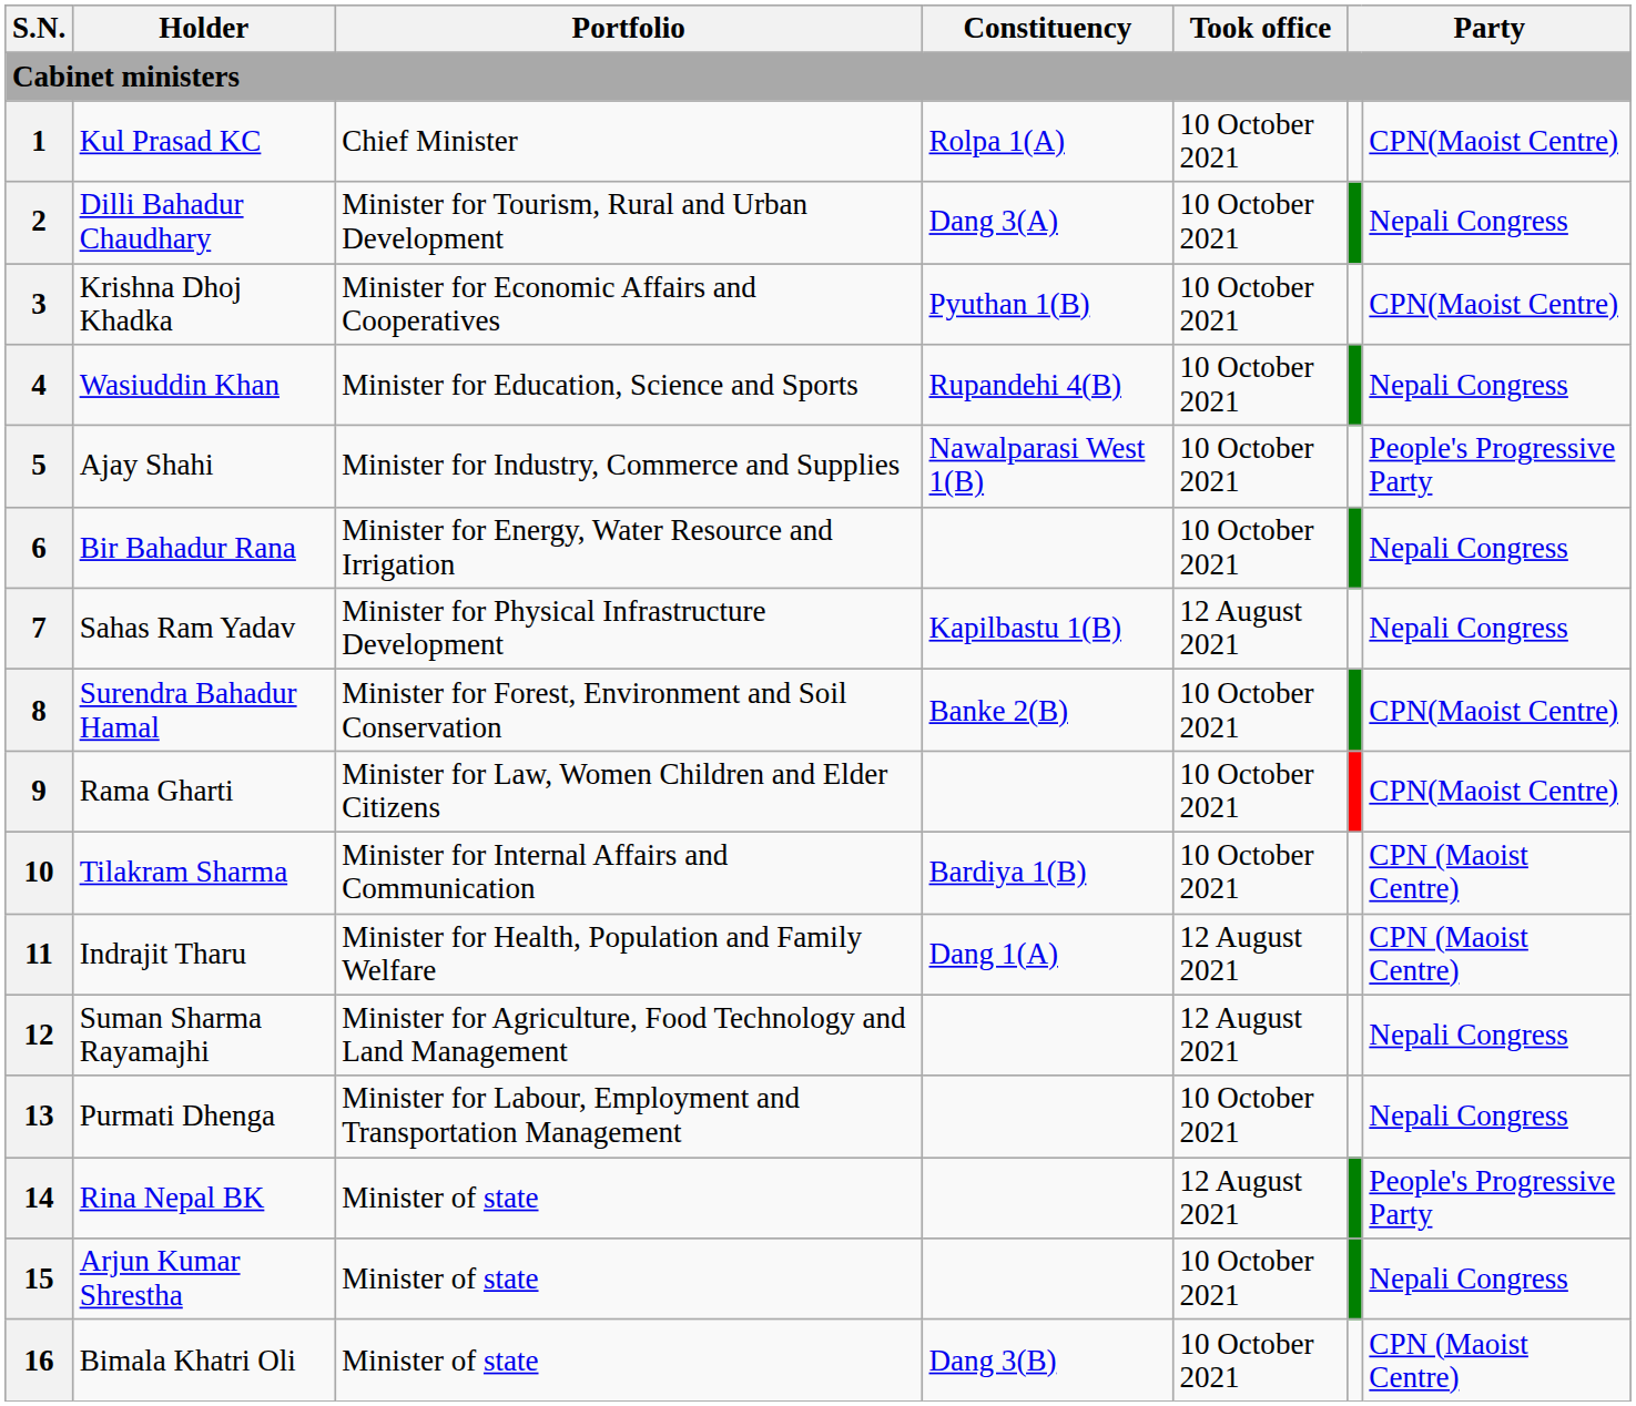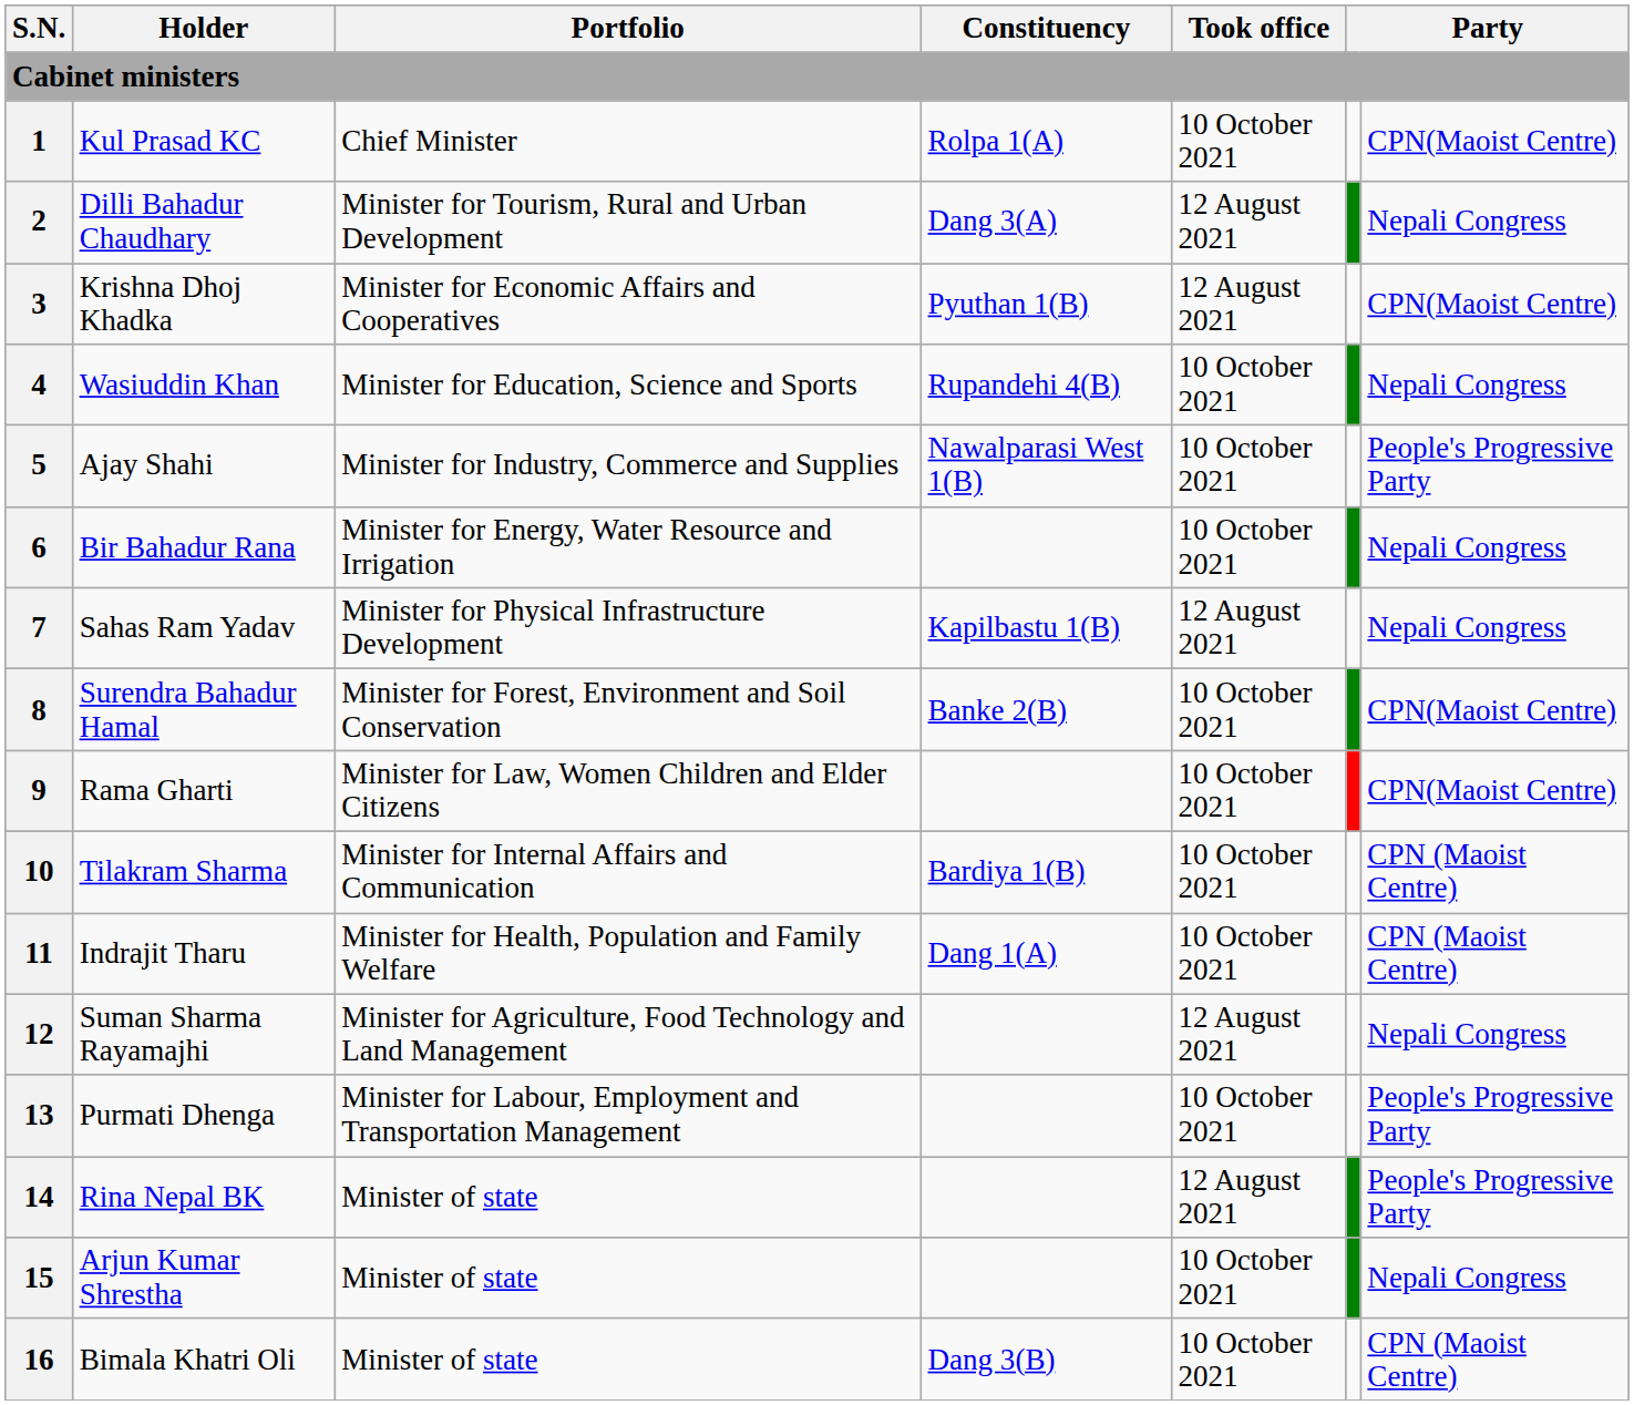 <table class="wikitable">
 <tr>
 <th>S.N.</th>
 <th>Holder</th>
 <th>Portfolio</th>
 <th>Constituency</th>
 <th>Took office</th>
 <th colspan="2">Party</th>
 </tr>
 <tr>
 <td colspan="7" bgcolor="darkgrey"><strong>Cabinet ministers</strong></td>
 </tr>
 <tr>
 <th>1</th>
 <td><a href='#'>Kul Prasad KC</a></td>
 <td>Chief Minister</td>
 <td><a href='#'>Rolpa 1(A)</a></td>
 <td>10 October 2021</td>
 <td></td>
 <td><a href='#'>CPN(Maoist Centre)</a></td>
 </tr>
 <tr>
 <th>2</th>
 <td><a href='#'>Dilli Bahadur Chaudhary</a></td>
 <td>Minister for Tourism, Rural and Urban Development</td>
 <td><a href='#'>Dang 3(A)</a></td>
-<td>10 October 2021</td>
+<td>12 August 2021</td>
 <td bgcolor="#008000"></td>
 <td><a href='#'>Nepali Congress</a></td>
 </tr>
 <tr>
 <th>3</th>
 <td>Krishna Dhoj Khadka</td>
 <td>Minister for Economic Affairs and Cooperatives</td>
 <td><a href='#'>Pyuthan 1(B)</a></td>
-<td>10 October 2021</td>
+<td>12 August 2021</td>
 <td></td>
 <td><a href='#'>CPN(Maoist Centre)</a></td>
 </tr>
 <tr>
 <th>4</th>
 <td><a href='#'>Wasiuddin Khan</a></td>
 <td>Minister for Education, Science and Sports</td>
 <td><a href='#'>Rupandehi 4(B)</a></td>
 <td>10 October 2021</td>
 <td bgcolor="#008000"></td>
 <td><a href='#'>Nepali Congress</a></td>
 </tr>
 <tr>
 <th>5</th>
 <td>Ajay Shahi</td>
 <td>Minister for Industry, Commerce and Supplies</td>
 <td><a href='#'>Nawalparasi West 1(B)</a></td>
 <td>10 October 2021</td>
 <td></td>
 <td><a href='#'>People's Progressive Party</a></td>
 </tr>
 <tr>
 <th>6</th>
 <td><a href='#'>Bir Bahadur Rana</a></td>
 <td>Minister for Energy, Water Resource and Irrigation</td>
 <td></td>
 <td>10 October 2021</td>
 <td bgcolor="#008000"></td>
 <td><a href='#'>Nepali Congress</a></td>
 </tr>
 <tr>
 <th>7</th>
 <td>Sahas Ram Yadav</td>
 <td>Minister for Physical Infrastructure Development</td>
 <td><a href='#'>Kapilbastu 1(B)</a></td>
 <td>12 August 2021</td>
 <td></td>
 <td><a href='#'>Nepali Congress</a></td>
 </tr>
 <tr>
 <th>8</th>
 <td><a href='#'>Surendra Bahadur Hamal</a></td>
 <td>Minister for Forest, Environment and Soil Conservation</td>
 <td><a href='#'>Banke 2(B)</a></td>
 <td>10 October 2021</td>
 <td bgcolor="#008000"></td>
 <td><a href='#'>CPN(Maoist Centre)</a></td>
 </tr>
 <tr>
 <th>9</th>
 <td>Rama Gharti</td>
 <td>Minister for Law, Women Children and Elder Citizens</td>
 <td></td>
 <td>10 October 2021</td>
 <td bgcolor="Red"></td>
 <td><a href='#'>CPN(Maoist Centre)</a></td>
 </tr>
 <tr>
 <th>10</th>
 <td><a href='#'>Tilakram Sharma</a></td>
 <td>Minister for Internal Affairs and Communication</td>
 <td><a href='#'>Bardiya 1(B)</a></td>
 <td>10 October 2021</td>
 <td></td>
 <td><a href='#'>CPN (Maoist Centre)</a></td>
 </tr>
 <tr>
 <th>11</th>
 <td>Indrajit Tharu</td>
 <td>Minister for Health, Population and Family Welfare</td>
 <td><a href='#'>Dang 1(A)</a></td>
-<td>12 August 2021</td>
+<td>10 October 2021</td>
 <td></td>
 <td><a href='#'>CPN (Maoist Centre)</a></td>
 </tr>
 <tr>
 <th>12</th>
 <td>Suman Sharma Rayamajhi</td>
 <td>Minister for Agriculture, Food Technology and Land Management</td>
 <td></td>
 <td>12 August 2021</td>
 <td></td>
 <td><a href='#'>Nepali Congress</a></td>
 </tr>
 <tr>
 <th>13</th>
 <td>Purmati Dhenga</td>
 <td>Minister for Labour, Employment and Transportation Management</td>
 <td></td>
 <td>10 October 2021</td>
 <td></td>
-<td><a href='#'>Nepali Congress</a></td>
+<td><a href='#'>People's Progressive Party</a></td>
 </tr>
 <tr>
 <th>14</th>
 <td><a href='#'>Rina Nepal BK</a></td>
 <td>Minister of <a href='#'>state</a></td>
 <td></td>
 <td>12 August 2021</td>
 <td bgcolor="#008000"></td>
 <td><a href='#'>People's Progressive Party</a></td>
 </tr>
 <tr>
 <th>15</th>
 <td><a href='#'>Arjun Kumar Shrestha</a></td>
 <td>Minister of <a href='#'>state</a></td>
 <td></td>
 <td>10 October 2021</td>
 <td bgcolor="#008000"></td>
 <td><a href='#'>Nepali Congress</a></td>
 </tr>
 <tr>
 <th>16</th>
 <td>Bimala Khatri Oli</td>
 <td>Minister of <a href='#'>state</a></td>
 <td><a href='#'>Dang 3(B)</a></td>
 <td>10 October 2021</td>
 <td></td>
 <td><a href='#'>CPN (Maoist Centre)</a></td>
 </tr>
 </table>
